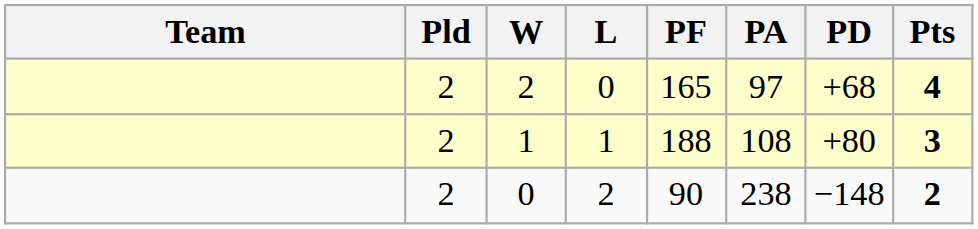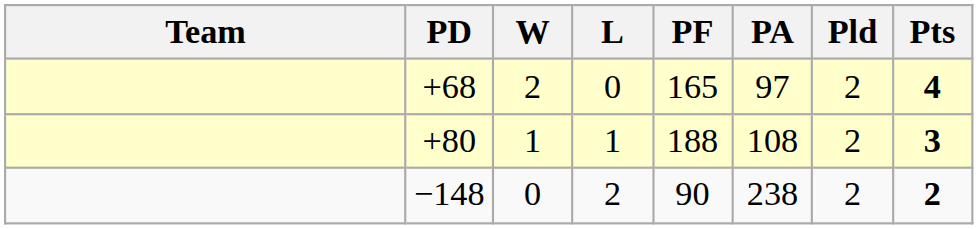 <table class=wikitable style="text-align:center">
 <tr>
 <th width=180>Team</th>
-<th width=30>Pld</th>
+<th width=30>PD</th>
 <th width=30>W</th>
 <th width=30>L</th>
 <th width=30>PF</th>
 <th width=30>PA</th>
-<th width=30>PD</th>
+<th width=30>Pld</th>
 <th width=30>Pts</th>
 </tr>
 <tr align=center bgcolor="#ffffcc">
 <td align="left"></td>
-<td>2</td>
+<td>+68</td>
 <td>2</td>
 <td>0</td>
 <td>165</td>
 <td>97</td>
-<td>+68</td>
+<td>2</td>
 <td><strong>4</strong></td>
 </tr>
 <tr align=center bgcolor="#ffffcc">
 <td align="left"></td>
-<td>2</td>
+<td>+80</td>
 <td>1</td>
 <td>1</td>
 <td>188</td>
 <td>108</td>
-<td>+80</td>
+<td>2</td>
 <td><strong>3</strong></td>
 </tr>
 <tr>
 <td align="left"></td>
-<td>2</td>
+<td>−148</td>
 <td>0</td>
 <td>2</td>
 <td>90</td>
 <td>238</td>
-<td>−148</td>
+<td>2</td>
 <td><strong>2</strong></td>
 </tr>
 </table>
